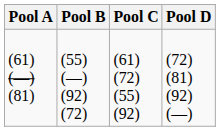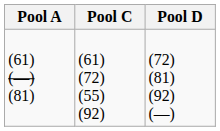 <table class="wikitable">
 <tr>
 <th width=25%>Pool A</th>
-<th width=25%>Pool B</th>
 <th width=25%>Pool C</th>
 <th width=25%>Pool D</th>
 </tr>
 <tr>
 <td valign=top><br> (61)<br> <s> (—)</s><br>  (81)</td>
-<td><br> (55)<br>  (—)<br>  (92)<br>  (72)</td>
 <td><br> (61)<br>  (72)<br>  (55)<br>  (92)</td>
 <td><br> (72)<br>  (81)<br>  (92)<br>  (—)</td>
 </tr>
 </table>
